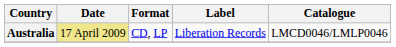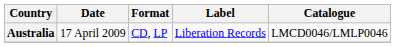 <table class="wikitable plainrowheaders">
 <tr>
 <th scope="col">Country</th>
 <th scope="col">Date</th>
 <th scope="col">Format</th>
 <th scope="col">Label</th>
 <th scope="col">Catalogue</th>
 </tr>
 <tr>
 <th scope="row">Australia</th>
-<td style="background: khaki;">17 April 2009</td>
+<td>17 April 2009</td>
 <td><a href='#'>CD</a>, <a href='#'>LP</a></td>
 <td><a href='#'>Liberation Records</a></td>
 <td>LMCD0046/LMLP0046</td>
 </tr>
 <tr>
 </tr>
 </table>
